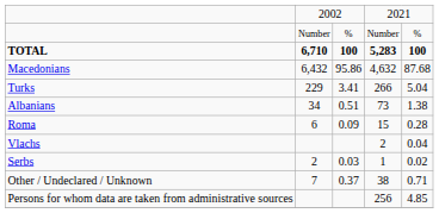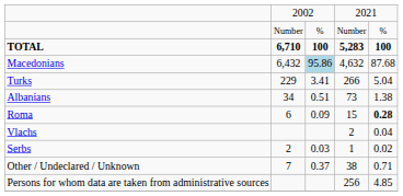 <table class="wikitable">
 <tr>
 <td></td>
 <td colspan="2" align="center">2002</td>
 <td colspan="2" align="center">2021</td>
 </tr>
 <tr>
 <td></td>
 <td align="center"><small>Number</small></td>
 <td align="center"><small>%</small></td>
 <td align="center"><small>Number</small></td>
 <td align="center"><small>%</small></td>
 </tr>
 <tr>
 <td><strong>TOTAL</strong></td>
 <td align="center"><strong>6,710</strong></td>
 <td align="center"><strong>100</strong></td>
 <td align="center"><strong>5,283</strong></td>
 <td align="center"><strong>100</strong></td>
 </tr>
 <tr>
 <td><a href='#'>Macedonians</a></td>
 <td align="center">6,432</td>
-<td align="center">95.86</td>
+<td align="center" style="background: lightblue;">95.86</td>
 <td align="center">4,632</td>
 <td align="center">87.68</td>
 </tr>
 <tr>
 <td><a href='#'>Turks</a></td>
 <td align="center">229</td>
 <td align="center">3.41</td>
 <td align="center">266</td>
 <td align="center">5.04</td>
 </tr>
 <tr>
 <td><a href='#'>Albanians</a></td>
 <td align="center">34</td>
 <td align="center">0.51</td>
 <td align="center">73</td>
 <td align="center">1.38</td>
 </tr>
 <tr>
 <td><a href='#'>Roma</a></td>
 <td align="center">6</td>
 <td align="center">0.09</td>
 <td align="center">15</td>
-<td align="center">0.28</td>
+<td align="center"><strong>0.28</strong></td>
 </tr>
 <tr>
 <td><a href='#'>Vlachs</a></td>
 <td align="center"></td>
 <td align="center"></td>
 <td align="center">2</td>
 <td align="center">0.04</td>
 </tr>
 <tr>
 <td><a href='#'>Serbs</a></td>
 <td align="center">2</td>
 <td align="center">0.03</td>
 <td align="center">1</td>
 <td align="center">0.02</td>
 </tr>
 <tr>
 <td>Other / Undeclared / Unknown</td>
 <td align="center">7</td>
 <td align="center">0.37</td>
 <td align="center">38</td>
 <td align="center">0.71</td>
 </tr>
 <tr>
 <td>Persons for whom data are taken from administrative sources</td>
 <td align="center"></td>
 <td align="center"></td>
 <td align="center">256</td>
 <td align="center">4.85</td>
 </tr>
 <tr>
 </tr>
 </table>
